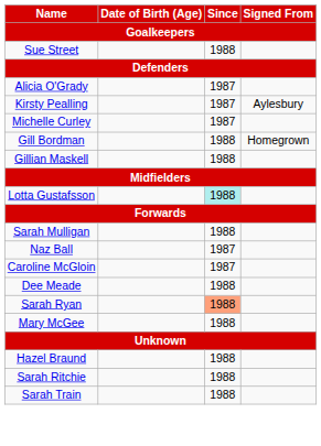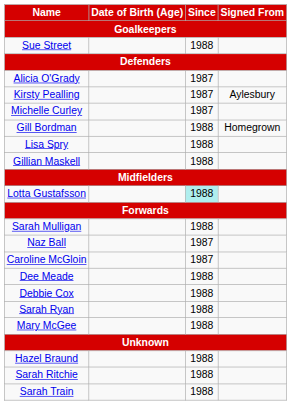 <table class="wikitable" style="text-align:center; font-size:100%; ">
 <tr>
 <th style="background:#d50000; color:white; text-align:center;">Name</th>
 <th style="background:#d50000; color:white; text-align:center;">Date of Birth (Age)</th>
 <th style="background:#d50000; color:white; text-align:center;">Since</th>
 <th style="background:#d50000; color:white; text-align:center;">Signed From</th>
 </tr>
 <tr>
 <th style="background:#d50000; color:white; text-align:center;" colspan="4">Goalkeepers</th>
 </tr>
 <tr>
 <td><a href='#'>Sue Street</a></td>
 <td></td>
 <td>1988</td>
 <td></td>
 </tr>
 <tr>
 <th colspan="4" style="background:#d50000; color:white; text-align:center;">Defenders</th>
 </tr>
 <tr>
 <td><a href='#'>Alicia O'Grady</a></td>
 <td></td>
 <td>1987</td>
 <td></td>
 </tr>
 <tr>
 <td> <a href='#'>Kirsty Pealling</a></td>
 <td></td>
 <td>1987</td>
 <td>Aylesbury</td>
 </tr>
 <tr>
 <td> <a href='#'>Michelle Curley</a></td>
 <td></td>
 <td>1987</td>
 <td></td>
 </tr>
 <tr>
 <td> <a href='#'>Gill Bordman</a></td>
 <td></td>
 <td>1988</td>
 <td>Homegrown</td>
 </tr>
 <tr>
+<td> <a href='#'>Lisa Spry</a></td>
+<td></td>
+<td>1988</td>
+<td></td>
+</tr>
+<tr>
 <td><a href='#'>Gillian Maskell</a></td>
 <td></td>
 <td>1988</td>
 <td></td>
 </tr>
 <tr>
 <th style="background:#d50000; color:white; text-align:center;" colspan="4">Midfielders</th>
 </tr>
 <tr>
 <td> <a href='#'>Lotta Gustafsson</a></td>
 <td></td>
 <td style="background: paleturquoise;">1988</td>
 <td></td>
 </tr>
 <tr>
 <th colspan="4" style="background:#d50000; color:white; text-align:center;">Forwards</th>
 </tr>
 <tr>
 <td> <a href='#'>Sarah Mulligan</a></td>
 <td></td>
 <td>1988</td>
 <td></td>
 </tr>
 <tr>
 <td> <a href='#'>Naz Ball</a></td>
 <td></td>
 <td>1987</td>
 <td></td>
 </tr>
 <tr>
 <td><a href='#'>Caroline McGloin</a></td>
 <td></td>
 <td>1987</td>
 <td></td>
 </tr>
 <tr>
 <td><a href='#'>Dee Meade</a></td>
 <td></td>
 <td>1988</td>
 <td></td>
 </tr>
 <tr>
+<td><a href='#'>Debbie Cox</a></td>
+<td></td>
+<td>1988</td>
+<td></td>
+</tr>
+<tr>
 <td><a href='#'>Sarah Ryan</a></td>
 <td></td>
-<td style="background: lightsalmon;">1988</td>
+<td>1988</td>
 <td></td>
 </tr>
 <tr>
 <td><a href='#'>Mary McGee</a></td>
 <td></td>
 <td>1988</td>
 <td></td>
 </tr>
 <tr>
 <th style="background:#d50000; color:white; text-align:center;" colspan="4">Unknown</th>
 </tr>
 <tr>
 <td><a href='#'>Hazel Braund</a></td>
 <td></td>
 <td>1988</td>
 <td></td>
 </tr>
 <tr>
 <td><a href='#'>Sarah Ritchie</a></td>
 <td></td>
 <td>1988</td>
 <td></td>
 </tr>
 <tr>
 <td><a href='#'>Sarah Train</a></td>
 <td></td>
 <td>1988</td>
 <td></td>
 </tr>
 </table>
